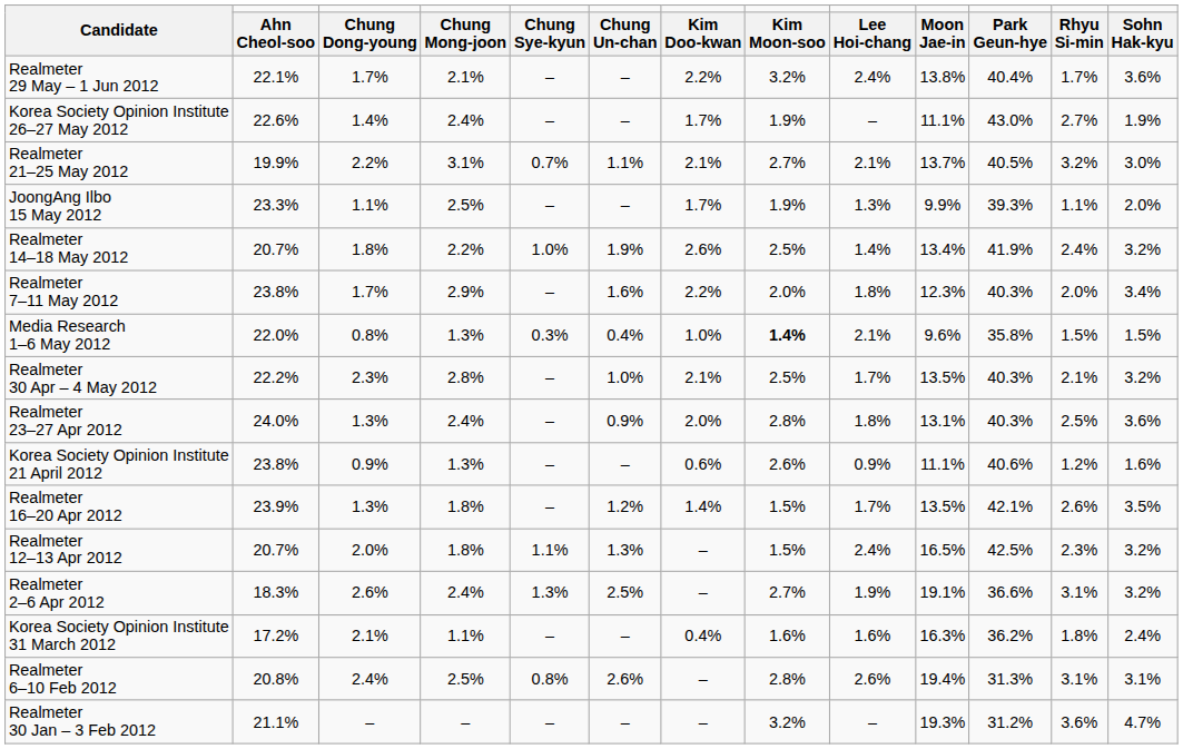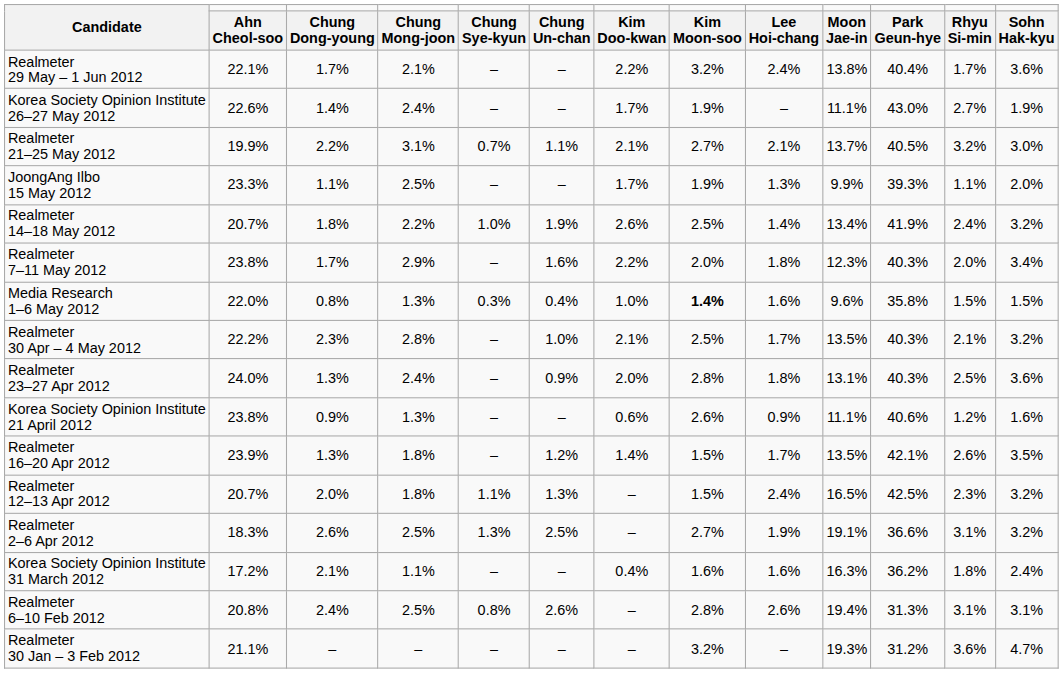 <table class="wikitable" style="text-align: center; font-size: 0.85em;">
 <tr>
 <th rowspan=2>Candidate</th>
 <td style="background:"></td>
 <td style="background:"></td>
 <td style="background:"></td>
 <td style="background:"></td>
 <td style="background:"></td>
 <td style="background:"></td>
 <td style="background:"></td>
 <td style="background:"></td>
 <td style="background:"></td>
 <td style="background:"></td>
 <td style="background:"></td>
 <td style="background:"></td>
 </tr>
 <tr>
 <th>Ahn<br>Cheol-soo</th>
 <th>Chung<br>Dong-young</th>
 <th>Chung<br>Mong-joon</th>
 <th>Chung<br>Sye-kyun</th>
 <th>Chung<br>Un-chan</th>
 <th>Kim<br>Doo-kwan</th>
 <th>Kim<br>Moon-soo</th>
 <th>Lee<br>Hoi-chang</th>
 <th>Moon<br>Jae-in</th>
 <th>Park<br>Geun-hye</th>
 <th>Rhyu<br>Si-min</th>
 <th>Sohn<br>Hak-kyu</th>
 </tr>
 <tr>
 <td style="text-align: left;">Realmeter<br>29 May – 1 Jun 2012</td>
 <td>22.1%</td>
 <td>1.7%</td>
 <td>2.1%</td>
 <td>–</td>
 <td>–</td>
 <td>2.2%</td>
 <td>3.2%</td>
 <td>2.4%</td>
 <td>13.8%</td>
 <td>40.4%</td>
 <td>1.7%</td>
 <td>3.6%</td>
 </tr>
 <tr>
 <td style="text-align: left;">Korea Society Opinion Institute<br>26–27 May 2012</td>
 <td>22.6%</td>
 <td>1.4%</td>
 <td>2.4%</td>
 <td>–</td>
 <td>–</td>
 <td>1.7%</td>
 <td>1.9%</td>
 <td>–</td>
 <td>11.1%</td>
 <td>43.0%</td>
 <td>2.7%</td>
 <td>1.9%</td>
 </tr>
 <tr>
 <td style="text-align: left;">Realmeter<br>21–25 May 2012</td>
 <td>19.9%</td>
 <td>2.2%</td>
 <td>3.1%</td>
 <td>0.7%</td>
 <td>1.1%</td>
 <td>2.1%</td>
 <td>2.7%</td>
 <td>2.1%</td>
 <td>13.7%</td>
 <td>40.5%</td>
 <td>3.2%</td>
 <td>3.0%</td>
 </tr>
 <tr>
 <td style="text-align: left;">JoongAng Ilbo<br>15 May 2012</td>
 <td>23.3%</td>
 <td>1.1%</td>
 <td>2.5%</td>
 <td>–</td>
 <td>–</td>
 <td>1.7%</td>
 <td>1.9%</td>
 <td>1.3%</td>
 <td>9.9%</td>
 <td>39.3%</td>
 <td>1.1%</td>
 <td>2.0%</td>
 </tr>
 <tr>
 <td style="text-align: left;">Realmeter<br>14–18 May 2012</td>
 <td>20.7%</td>
 <td>1.8%</td>
 <td>2.2%</td>
 <td>1.0%</td>
 <td>1.9%</td>
 <td>2.6%</td>
 <td>2.5%</td>
 <td>1.4%</td>
 <td>13.4%</td>
 <td>41.9%</td>
 <td>2.4%</td>
 <td>3.2%</td>
 </tr>
 <tr>
 <td style="text-align: left;">Realmeter<br>7–11 May 2012</td>
 <td>23.8%</td>
 <td>1.7%</td>
 <td>2.9%</td>
 <td>–</td>
 <td>1.6%</td>
 <td>2.2%</td>
 <td>2.0%</td>
 <td>1.8%</td>
 <td>12.3%</td>
 <td>40.3%</td>
 <td>2.0%</td>
 <td>3.4%</td>
 </tr>
 <tr>
 <td style="text-align: left;">Media Research<br>1–6 May 2012</td>
 <td>22.0%</td>
 <td>0.8%</td>
 <td>1.3%</td>
 <td>0.3%</td>
 <td>0.4%</td>
 <td>1.0%</td>
 <td><strong>1.4%</strong></td>
-<td>2.1%</td>
+<td>1.6%</td>
 <td>9.6%</td>
 <td>35.8%</td>
 <td>1.5%</td>
 <td>1.5%</td>
 </tr>
 <tr>
 <td style="text-align: left;">Realmeter<br>30 Apr – 4 May 2012</td>
 <td>22.2%</td>
 <td>2.3%</td>
 <td>2.8%</td>
 <td>–</td>
 <td>1.0%</td>
 <td>2.1%</td>
 <td>2.5%</td>
 <td>1.7%</td>
 <td>13.5%</td>
 <td>40.3%</td>
 <td>2.1%</td>
 <td>3.2%</td>
 </tr>
 <tr>
 <td style="text-align: left;">Realmeter<br>23–27 Apr 2012</td>
 <td>24.0%</td>
 <td>1.3%</td>
 <td>2.4%</td>
 <td>–</td>
 <td>0.9%</td>
 <td>2.0%</td>
 <td>2.8%</td>
 <td>1.8%</td>
 <td>13.1%</td>
 <td>40.3%</td>
 <td>2.5%</td>
 <td>3.6%</td>
 </tr>
 <tr>
 <td style="text-align: left;">Korea Society Opinion Institute<br>21 April 2012</td>
 <td>23.8%</td>
 <td>0.9%</td>
 <td>1.3%</td>
 <td>–</td>
 <td>–</td>
 <td>0.6%</td>
 <td>2.6%</td>
 <td>0.9%</td>
 <td>11.1%</td>
 <td>40.6%</td>
 <td>1.2%</td>
 <td>1.6%</td>
 </tr>
 <tr>
 <td style="text-align: left;">Realmeter<br>16–20 Apr 2012</td>
 <td>23.9%</td>
 <td>1.3%</td>
 <td>1.8%</td>
 <td>–</td>
 <td>1.2%</td>
 <td>1.4%</td>
 <td>1.5%</td>
 <td>1.7%</td>
 <td>13.5%</td>
 <td>42.1%</td>
 <td>2.6%</td>
 <td>3.5%</td>
 </tr>
 <tr>
 <td style="text-align: left;">Realmeter<br>12–13 Apr 2012</td>
 <td>20.7%</td>
 <td>2.0%</td>
 <td>1.8%</td>
 <td>1.1%</td>
 <td>1.3%</td>
 <td>–</td>
 <td>1.5%</td>
 <td>2.4%</td>
 <td>16.5%</td>
 <td>42.5%</td>
 <td>2.3%</td>
 <td>3.2%</td>
 </tr>
 <tr>
 <td style="text-align: left;">Realmeter<br>2–6 Apr 2012</td>
 <td>18.3%</td>
 <td>2.6%</td>
-<td>2.4%</td>
+<td>2.5%</td>
 <td>1.3%</td>
 <td>2.5%</td>
 <td>–</td>
 <td>2.7%</td>
 <td>1.9%</td>
 <td>19.1%</td>
 <td>36.6%</td>
 <td>3.1%</td>
 <td>3.2%</td>
 </tr>
 <tr>
 <td style="text-align: left;">Korea Society Opinion Institute<br>31 March 2012</td>
 <td>17.2%</td>
 <td>2.1%</td>
 <td>1.1%</td>
 <td>–</td>
 <td>–</td>
 <td>0.4%</td>
 <td>1.6%</td>
 <td>1.6%</td>
 <td>16.3%</td>
 <td>36.2%</td>
 <td>1.8%</td>
 <td>2.4%</td>
 </tr>
 <tr>
 <td style="text-align: left;">Realmeter<br>6–10 Feb 2012</td>
 <td>20.8%</td>
 <td>2.4%</td>
 <td>2.5%</td>
 <td>0.8%</td>
 <td>2.6%</td>
 <td>–</td>
 <td>2.8%</td>
 <td>2.6%</td>
 <td>19.4%</td>
 <td>31.3%</td>
 <td>3.1%</td>
 <td>3.1%</td>
 </tr>
 <tr>
 <td style="text-align: left;">Realmeter<br>30 Jan – 3 Feb 2012</td>
 <td>21.1%</td>
 <td>–</td>
 <td>–</td>
 <td>–</td>
 <td>–</td>
 <td>–</td>
 <td>3.2%</td>
 <td>–</td>
 <td>19.3%</td>
 <td>31.2%</td>
 <td>3.6%</td>
 <td>4.7%</td>
 </tr>
 </table>
